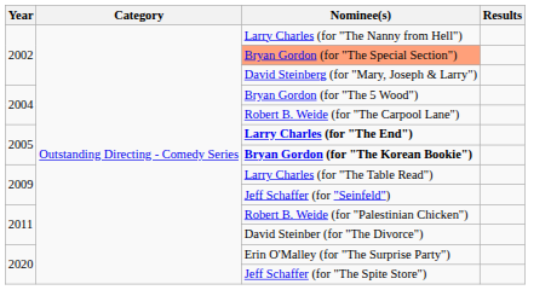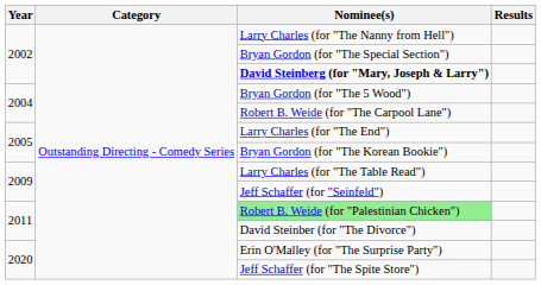 <table class="wikitable">
 <tr>
 <th>Year</th>
 <th>Category</th>
 <th>Nominee(s)</th>
 <th>Results</th>
 </tr>
 <tr>
 <td rowspan="3">2002</td>
 <td rowspan="13"><a href='#'>Outstanding Directing - Comedy Series</a></td>
 <td><a href='#'>Larry Charles</a> (for "The Nanny from Hell")</td>
 <td></td>
 </tr>
 <tr>
-<td style="background: lightsalmon;"><a href='#'>Bryan Gordon</a> (for "The Special Section")</td>
+<td><a href='#'>Bryan Gordon</a> (for "The Special Section")</td>
 <td></td>
 </tr>
 <tr>
-<td><a href='#'>David Steinberg</a> (for "Mary, Joseph & Larry")</td>
+<td><strong><a href='#'>David Steinberg</a> (for "Mary, Joseph & Larry")</strong></td>
 <td></td>
 </tr>
 <tr>
 <td rowspan="2">2004</td>
 <td><a href='#'>Bryan Gordon</a> (for "The 5 Wood")</td>
 <td></td>
 </tr>
 <tr>
 <td><a href='#'>Robert B. Weide</a> (for "The Carpool Lane")</td>
 <td></td>
 </tr>
 <tr>
 <td rowspan="2">2005</td>
-<td><strong><a href='#'>Larry Charles</a> (for "The End")</strong></td>
+<td><a href='#'>Larry Charles</a> (for "The End")</td>
 <td></td>
 </tr>
 <tr>
-<td><strong><a href='#'>Bryan Gordon</a> (for "The Korean Bookie")</strong></td>
+<td><a href='#'>Bryan Gordon</a> (for "The Korean Bookie")</td>
 <td></td>
 </tr>
 <tr>
 <td rowspan="2">2009</td>
 <td><a href='#'>Larry Charles</a> (for "The Table Read")</td>
 <td></td>
 </tr>
 <tr>
 <td><a href='#'>Jeff Schaffer</a> (for <a href='#'>"Seinfeld"</a>)</td>
 <td></td>
 </tr>
 <tr>
 <td rowspan="2">2011</td>
-<td><a href='#'>Robert B. Weide</a> (for "Palestinian Chicken")</td>
+<td style="background: lightgreen;"><a href='#'>Robert B. Weide</a> (for "Palestinian Chicken")</td>
 <td></td>
 </tr>
 <tr>
 <td>David Steinber (for "The Divorce")</td>
 <td></td>
 </tr>
 <tr>
 <td rowspan="2">2020</td>
 <td>Erin O'Malley (for "The Surprise Party")</td>
 <td></td>
 </tr>
 <tr>
 <td><a href='#'>Jeff Schaffer</a> (for "The Spite Store")</td>
 <td></td>
 </tr>
 </table>
